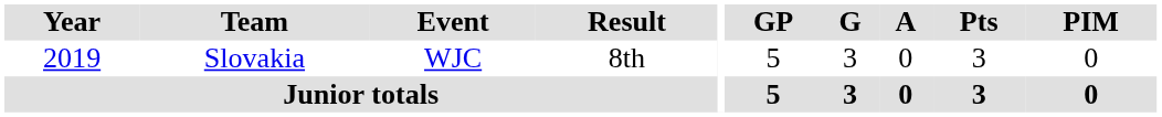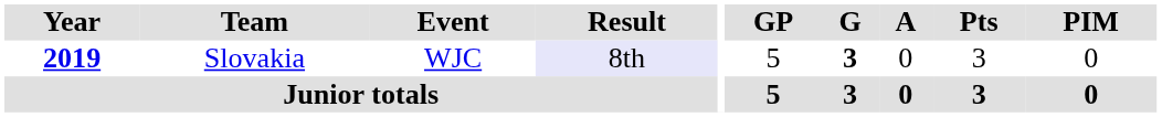 <table border="0" cellpadding="1" cellspacing="0" ID="Table3" style="text-align:center; width:40em">
 <tr ALIGN="center" bgcolor="#e0e0e0">
 <th>Year</th>
 <th>Team</th>
 <th>Event</th>
 <th>Result</th>
 <th rowspan="99" bgcolor="#ffffff"></th>
 <th>GP</th>
 <th>G</th>
 <th>A</th>
 <th>Pts</th>
 <th>PIM</th>
 </tr>
 <tr>
-<td><a href='#'>2019</a></td>
+<td><strong><a href='#'>2019</a></strong></td>
 <td><a href='#'>Slovakia</a></td>
 <td><a href='#'>WJC</a></td>
-<td>8th</td>
+<td style="background: lavender;">8th</td>
 <td>5</td>
-<td>3</td>
+<td><strong>3</strong></td>
 <td>0</td>
 <td>3</td>
 <td>0</td>
 </tr>
 <tr bgcolor="#e0e0e0">
 <th colspan="4">Junior totals</th>
 <th>5</th>
 <th>3</th>
 <th>0</th>
 <th>3</th>
 <th>0</th>
 </tr>
 </table>
